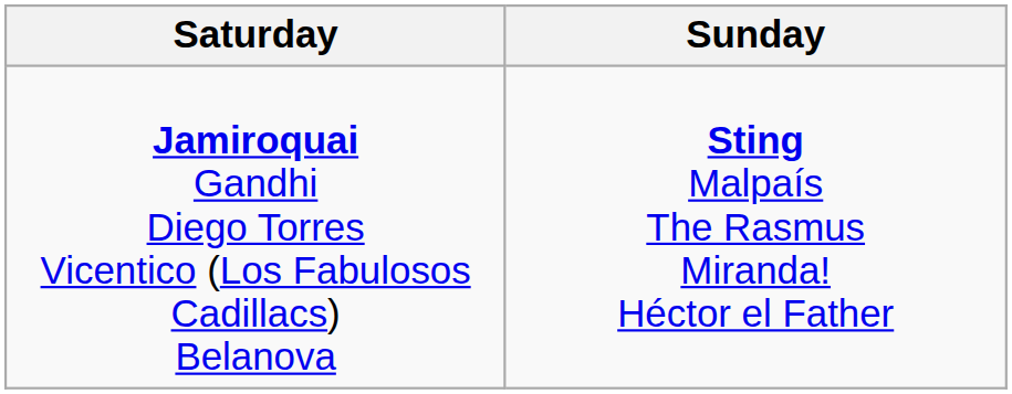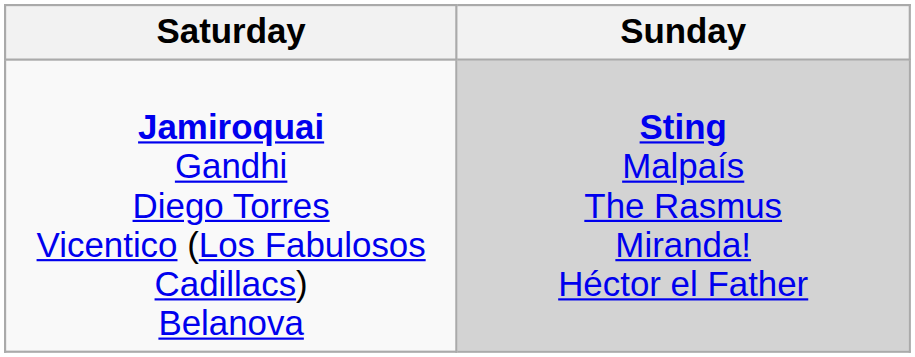 <table class="wikitable">
 <tr>
 <th>Saturday</th>
 <th>Sunday</th>
 </tr>
 <tr>
 <td valign="top" align="center" width=200><br><strong><a href='#'>Jamiroquai</a></strong> <br><a href='#'>Gandhi</a> <br><a href='#'>Diego Torres</a> <br><a href='#'>Vicentico</a> (<a href='#'>Los Fabulosos Cadillacs</a>) <br><a href='#'>Belanova</a></td>
-<td valign="top" align="center" width=200><br><strong><a href='#'>Sting</a></strong> <br><a href='#'>Malpaís</a> <br><a href='#'>The Rasmus</a> <br><a href='#'>Miranda!</a> <br><a href='#'>Héctor el Father</a></td>
+<td valign="top" align="center" width=200 style="background: lightgrey;"><br><strong><a href='#'>Sting</a></strong> <br><a href='#'>Malpaís</a> <br><a href='#'>The Rasmus</a> <br><a href='#'>Miranda!</a> <br><a href='#'>Héctor el Father</a></td>
 </tr>
 </table>
